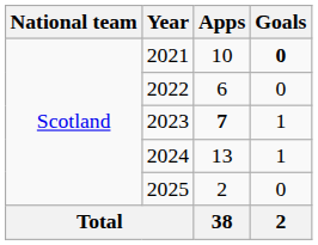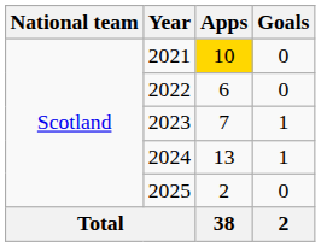 <table class=wikitable style="text-align: center">
 <tr>
 <th>National team</th>
 <th>Year</th>
 <th>Apps</th>
 <th>Goals</th>
 </tr>
 <tr>
 <td rowspan="5"><a href='#'>Scotland</a></td>
 <td>2021</td>
-<td>10</td>
-<td><strong>0</strong></td>
+<td style="background: gold;">10</td>
+<td>0</td>
 </tr>
 <tr>
 <td>2022</td>
 <td>6</td>
 <td>0</td>
 </tr>
 <tr>
 <td>2023</td>
-<td><strong>7</strong></td>
+<td>7</td>
 <td>1</td>
 </tr>
 <tr>
 <td>2024</td>
 <td>13</td>
 <td>1</td>
 </tr>
 <tr>
 <td>2025</td>
 <td>2</td>
 <td>0</td>
 </tr>
 <tr>
 <th colspan="2">Total</th>
 <th>38</th>
 <th>2</th>
 </tr>
 </table>
